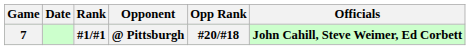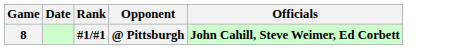 <table class="wikitable">
 <tr>
 <th>Game</th>
 <th>Date</th>
 <th>Rank</th>
 <th>Opponent</th>
-<th>Opp Rank</th>
 <th>Officials</th>
 </tr>
 <tr align="center" bgcolor="#ccffcc">
-<th>7</th>
+<th>8</th>
 <td></td>
 <th>#1/#1</th>
 <th>@ Pittsburgh</th>
-<th>#20/#18</th>
 <td><strong>John Cahill, Steve Weimer, Ed Corbett</strong></td>
 </tr>
 </table>
